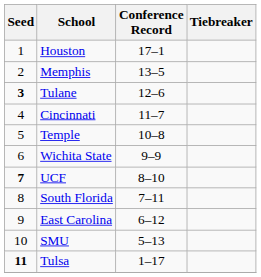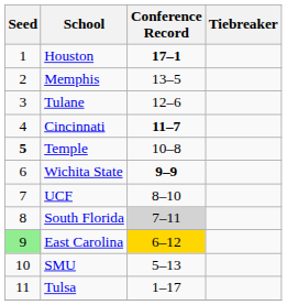 <table class="wikitable" style="white-space:nowrap; text-align:center">
 <tr>
 <th>Seed</th>
 <th>School</th>
 <th>Conference<br>Record</th>
 <th>Tiebreaker</th>
 </tr>
 <tr>
 <td>1</td>
 <td align=left><a href='#'>Houston</a></td>
-<td>17–1</td>
+<td><strong>17–1</strong></td>
 <td></td>
 </tr>
 <tr>
 <td>2</td>
 <td align=left><a href='#'>Memphis</a></td>
 <td>13–5</td>
 <td></td>
 </tr>
 <tr>
-<td><strong>3</strong></td>
+<td>3</td>
 <td align=left><a href='#'>Tulane</a></td>
 <td>12–6</td>
 <td></td>
 </tr>
 <tr>
 <td>4</td>
 <td align=left><a href='#'>Cincinnati</a></td>
-<td>11–7</td>
+<td><strong>11–7</strong></td>
 <td></td>
 </tr>
 <tr>
-<td>5</td>
+<td><strong>5</strong></td>
 <td align=left><a href='#'>Temple</a></td>
 <td>10–8</td>
 <td></td>
 </tr>
 <tr>
 <td>6</td>
 <td align=left><a href='#'>Wichita State</a></td>
-<td>9–9</td>
+<td><strong>9–9</strong></td>
 <td></td>
 </tr>
 <tr>
-<td><strong>7</strong></td>
+<td>7</td>
 <td align=left><a href='#'>UCF</a></td>
 <td>8–10</td>
 <td></td>
 </tr>
 <tr>
 <td>8</td>
 <td align=left><a href='#'>South Florida</a></td>
-<td>7–11</td>
+<td style="background: lightgrey;">7–11</td>
 <td></td>
 </tr>
 <tr>
-<td>9</td>
+<td style="background: lightgreen;">9</td>
 <td align=left><a href='#'>East Carolina</a></td>
-<td>6–12</td>
+<td style="background: gold;">6–12</td>
 <td></td>
 </tr>
 <tr>
 <td>10</td>
 <td align=left><a href='#'>SMU</a></td>
 <td>5–13</td>
 <td></td>
 </tr>
 <tr>
-<td><strong>11</strong></td>
+<td>11</td>
 <td align=left><a href='#'>Tulsa</a></td>
 <td>1–17</td>
 <td></td>
 </tr>
 <tr>
 </tr>
 </table>
